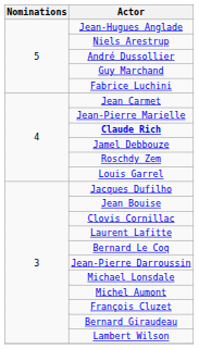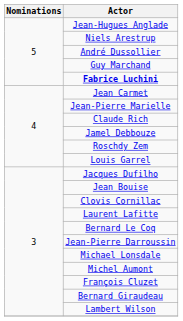 <table class="wikitable" style="text-align: center">
 <tr>
 <th scope="col" width="55">Nominations</th>
 <th scope="col" align="center">Actor</th>
 </tr>
 <tr>
 <td rowspan=5>5</td>
 <td><a href='#'>Jean-Hugues Anglade</a></td>
 </tr>
 <tr>
 <td><a href='#'>Niels Arestrup</a></td>
 </tr>
 <tr>
 <td><a href='#'>André Dussollier</a></td>
 </tr>
 <tr>
 <td><a href='#'>Guy Marchand</a></td>
 </tr>
 <tr>
-<td><a href='#'>Fabrice Luchini</a></td>
+<td><strong><a href='#'>Fabrice Luchini</a></strong></td>
 </tr>
 <tr>
 <td rowspan=6>4</td>
 <td><a href='#'>Jean Carmet</a></td>
 </tr>
 <tr>
 <td><a href='#'>Jean-Pierre Marielle</a></td>
 </tr>
 <tr>
-<td><strong><a href='#'>Claude Rich</a></strong></td>
+<td><a href='#'>Claude Rich</a></td>
 </tr>
 <tr>
 <td><a href='#'>Jamel Debbouze</a></td>
 </tr>
 <tr>
 <td><a href='#'>Roschdy Zem</a></td>
 </tr>
 <tr>
 <td><a href='#'>Louis Garrel</a></td>
 </tr>
 <tr>
 <td rowspan=11>3</td>
 <td><a href='#'>Jacques Dufilho</a></td>
 </tr>
 <tr>
 <td><a href='#'>Jean Bouise</a></td>
 </tr>
 <tr>
 <td><a href='#'>Clovis Cornillac</a></td>
 </tr>
 <tr>
 <td><a href='#'>Laurent Lafitte</a></td>
 </tr>
 <tr>
 <td><a href='#'>Bernard Le Coq</a></td>
 </tr>
 <tr>
 <td><a href='#'>Jean-Pierre Darroussin</a></td>
 </tr>
 <tr>
 <td><a href='#'>Michael Lonsdale</a></td>
 </tr>
 <tr>
 <td><a href='#'>Michel Aumont</a></td>
 </tr>
 <tr>
 <td><a href='#'>François Cluzet</a></td>
 </tr>
 <tr>
 <td><a href='#'>Bernard Giraudeau</a></td>
 </tr>
 <tr>
 <td><a href='#'>Lambert Wilson</a></td>
 </tr>
 <tr>
 </tr>
 </table>
